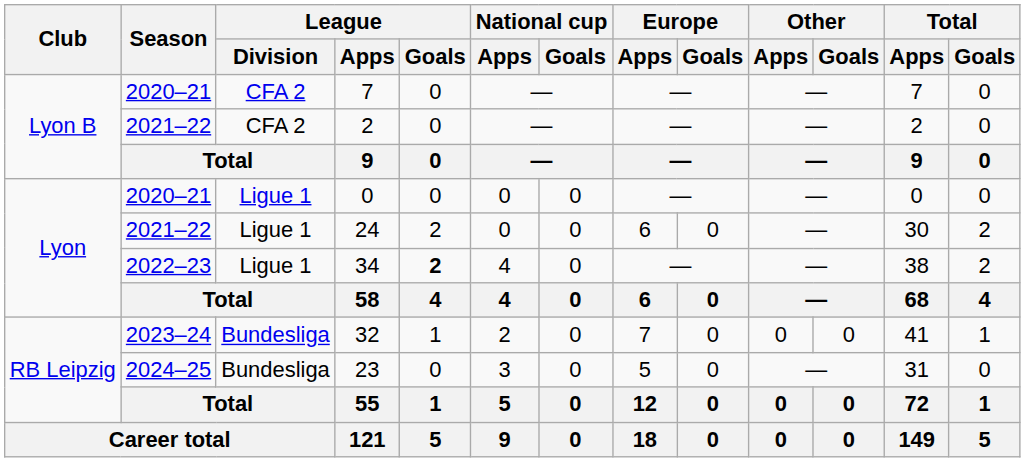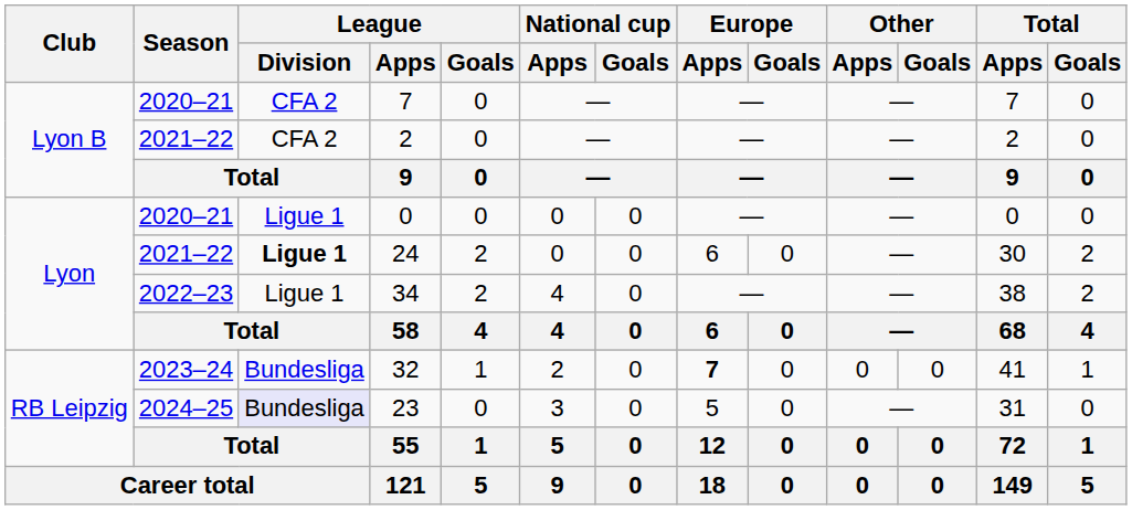 <table class="wikitable" style="text-align: center;">
 <tr>
 <th rowspan="2">Club</th>
 <th rowspan="2">Season</th>
 <th colspan="3">League</th>
 <th colspan="2">National cup</th>
 <th colspan="2">Europe</th>
 <th colspan="2">Other</th>
 <th colspan="2">Total</th>
 </tr>
 <tr>
 <th>Division</th>
 <th>Apps</th>
 <th>Goals</th>
 <th>Apps</th>
 <th>Goals</th>
 <th>Apps</th>
 <th>Goals</th>
 <th>Apps</th>
 <th>Goals</th>
 <th>Apps</th>
 <th>Goals</th>
 </tr>
 <tr>
 <td rowspan="3"><a href='#'>Lyon B</a></td>
 <td><a href='#'>2020–21</a></td>
 <td><a href='#'>CFA 2</a></td>
 <td>7</td>
 <td>0</td>
 <td colspan="2">—</td>
 <td colspan="2">—</td>
 <td colspan="2">—</td>
 <td>7</td>
 <td>0</td>
 </tr>
 <tr>
 <td><a href='#'>2021–22</a></td>
 <td>CFA 2</td>
 <td>2</td>
 <td>0</td>
 <td colspan="2">—</td>
 <td colspan="2">—</td>
 <td colspan="2">—</td>
 <td>2</td>
 <td>0</td>
 </tr>
 <tr>
 <th colspan="2">Total</th>
 <th>9</th>
 <th>0</th>
 <th colspan="2">—</th>
 <th colspan="2">—</th>
 <th colspan="2">—</th>
 <th>9</th>
 <th>0</th>
 </tr>
 <tr>
 <td rowspan="4"><a href='#'>Lyon</a></td>
 <td><a href='#'>2020–21</a></td>
 <td><a href='#'>Ligue 1</a></td>
 <td>0</td>
 <td>0</td>
 <td>0</td>
 <td>0</td>
 <td colspan="2">—</td>
 <td colspan="2">—</td>
 <td>0</td>
 <td>0</td>
 </tr>
 <tr>
 <td><a href='#'>2021–22</a></td>
-<td>Ligue 1</td>
+<td><strong>Ligue 1</strong></td>
 <td>24</td>
 <td>2</td>
 <td>0</td>
 <td>0</td>
 <td>6</td>
 <td>0</td>
 <td colspan="2">—</td>
 <td>30</td>
 <td>2</td>
 </tr>
 <tr>
 <td><a href='#'>2022–23</a></td>
 <td>Ligue 1</td>
 <td>34</td>
-<td><strong>2</strong></td>
+<td>2</td>
 <td>4</td>
 <td>0</td>
 <td colspan="2">—</td>
 <td colspan="2">—</td>
 <td>38</td>
 <td>2</td>
 </tr>
 <tr>
 <th colspan="2">Total</th>
 <th>58</th>
 <th>4</th>
 <th>4</th>
 <th>0</th>
 <th>6</th>
 <th>0</th>
 <th colspan="2">—</th>
 <th>68</th>
 <th>4</th>
 </tr>
 <tr>
 <td rowspan="3"><a href='#'>RB Leipzig</a></td>
 <td><a href='#'>2023–24</a></td>
 <td><a href='#'>Bundesliga</a></td>
 <td>32</td>
 <td>1</td>
 <td>2</td>
 <td>0</td>
-<td>7</td>
+<td><strong>7</strong></td>
 <td>0</td>
 <td>0</td>
 <td>0</td>
 <td>41</td>
 <td>1</td>
 </tr>
 <tr>
 <td><a href='#'>2024–25</a></td>
-<td>Bundesliga</td>
+<td style="background: lavender;">Bundesliga</td>
 <td>23</td>
 <td>0</td>
 <td>3</td>
 <td>0</td>
 <td>5</td>
 <td>0</td>
 <td colspan="2">—</td>
 <td>31</td>
 <td>0</td>
 </tr>
 <tr>
 <th colspan="2">Total</th>
 <th>55</th>
 <th>1</th>
 <th>5</th>
 <th>0</th>
 <th>12</th>
 <th>0</th>
 <th>0</th>
 <th>0</th>
 <th>72</th>
 <th>1</th>
 </tr>
 <tr>
 <th colspan="3">Career total</th>
 <th>121</th>
 <th>5</th>
 <th>9</th>
 <th>0</th>
 <th>18</th>
 <th>0</th>
 <th>0</th>
 <th>0</th>
 <th>149</th>
 <th>5</th>
 </tr>
 </table>
